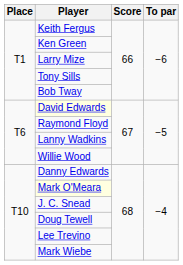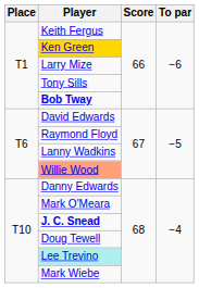 <table class="wikitable">
 <tr>
 <th>Place</th>
 <th>Player</th>
 <th>Score</th>
 <th>To par</th>
 </tr>
 <tr>
 <td rowspan=5 align=center>T1</td>
 <td> <a href='#'>Keith Fergus</a></td>
 <td rowspan=5 align=center>66</td>
 <td rowspan=5 align=center>−6</td>
 </tr>
 <tr>
-<td> <a href='#'>Ken Green</a></td>
+<td style="background: gold;"> <a href='#'>Ken Green</a></td>
 </tr>
 <tr>
 <td> <a href='#'>Larry Mize</a></td>
 </tr>
 <tr>
 <td> <a href='#'>Tony Sills</a></td>
 </tr>
 <tr>
-<td> <a href='#'>Bob Tway</a></td>
+<td><strong> <a href='#'>Bob Tway</a></strong></td>
 </tr>
 <tr>
 <td rowspan=4 align=center>T6</td>
-<td style="background: lightyellow;"> <a href='#'>David Edwards</a></td>
+<td> <a href='#'>David Edwards</a></td>
 <td rowspan=4 align=center>67</td>
 <td rowspan=4 align=center>−5</td>
 </tr>
 <tr>
 <td> <a href='#'>Raymond Floyd</a></td>
 </tr>
 <tr>
 <td> <a href='#'>Lanny Wadkins</a></td>
 </tr>
 <tr>
-<td> <a href='#'>Willie Wood</a></td>
+<td style="background: lightsalmon;"> <a href='#'>Willie Wood</a></td>
 </tr>
 <tr>
 <td rowspan=6 align=center>T10</td>
 <td> <a href='#'>Danny Edwards</a></td>
 <td rowspan=6 align=center>68</td>
 <td rowspan=6 align=center>−4</td>
 </tr>
 <tr>
-<td style="background: lightyellow;"> <a href='#'>Mark O'Meara</a></td>
+<td> <a href='#'>Mark O'Meara</a></td>
 </tr>
 <tr>
-<td> <a href='#'>J. C. Snead</a></td>
+<td><strong> <a href='#'>J. C. Snead</a></strong></td>
 </tr>
 <tr>
 <td> <a href='#'>Doug Tewell</a></td>
 </tr>
 <tr>
-<td> <a href='#'>Lee Trevino</a></td>
+<td style="background: paleturquoise;"> <a href='#'>Lee Trevino</a></td>
 </tr>
 <tr>
 <td> <a href='#'>Mark Wiebe</a></td>
 </tr>
 </table>
